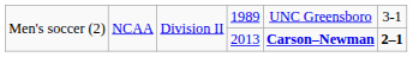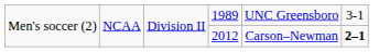 <table class="wikitable" style="text-align:center">
 <tr align="center">
 <td rowspan="2">Men's soccer (2)</td>
 <td rowspan="2"><a href='#'>NCAA</a></td>
 <td rowspan="2"><a href='#'>Division II</a></td>
 <td><a href='#'>1989</a></td>
 <td><a href='#'>UNC Greensboro</a></td>
 <td>3-1</td>
 </tr>
 <tr align="center">
-<td><a href='#'>2013</a></td>
-<td><strong><a href='#'>Carson–Newman</a></strong></td>
+<td><a href='#'>2012</a></td>
+<td><a href='#'>Carson–Newman</a></td>
 <td><strong>2–1</strong></td>
 </tr>
 </table>
